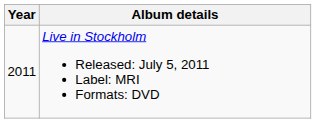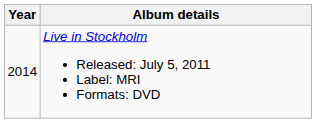 <table class="wikitable" style="text-align:center;">
 <tr>
 <th>Year</th>
 <th style="width:20em;">Album details</th>
 </tr>
 <tr>
-<td>2011</td>
+<td>2014</td>
 <td style="text-align:left;"><em><a href='#'>Live in Stockholm</a></em><br><ul><li>Released: July 5, 2011</li><li>Label: MRI</li><li>Formats: DVD</li></ul></td>
 </tr>
 </table>
